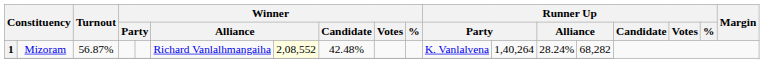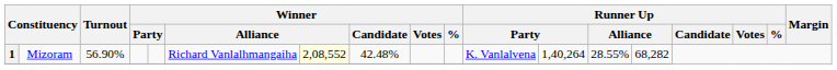 <table class="wikitable sortable" style="text-align:center;">
 <tr>
 <th colspan="2" rowspan="2">Constituency</th>
 <th rowspan="2">Turnout</th>
 <th colspan="7">Winner</th>
 <th colspan="7">Runner Up</th>
 <th rowspan="2">Margin</th>
 </tr>
 <tr>
 <th colspan="2">Party</th>
 <th colspan="2">Alliance</th>
 <th>Candidate</th>
 <th>Votes</th>
 <th>%</th>
 <th colspan="2">Party</th>
 <th colspan="2">Alliance</th>
 <th>Candidate</th>
 <th>Votes</th>
 <th>%</th>
 </tr>
 <tr>
 <th>1</th>
 <td><a href='#'>Mizoram</a></td>
-<td>56.87%</td>
+<td>56.90%</td>
 <td></td>
 <td></td>
 <td><a href='#'>Richard Vanlalhmangaiha</a></td>
 <td style="background: lightyellow;">2,08,552</td>
 <td>42.48%</td>
 <td></td>
 <td></td>
 <td><a href='#'>K. Vanlalvena</a></td>
 <td>1,40,264</td>
-<td>28.24%</td>
+<td>28.55%</td>
 <td style="background:">68,282</td>
 </tr>
 <tr>
 </tr>
 </table>
